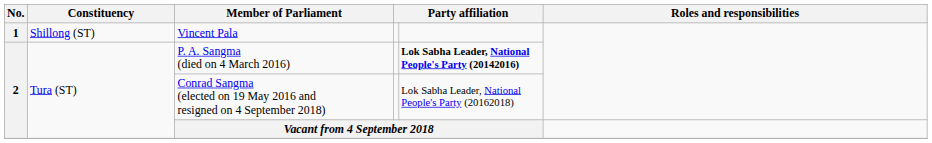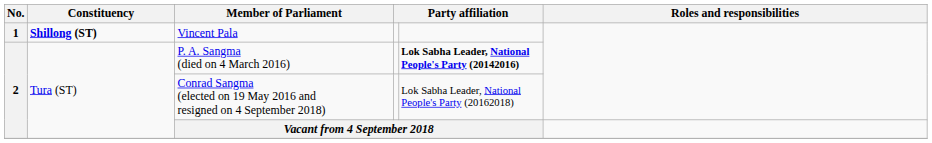 <table class="wikitable">
 <tr style="text-align:center;">
 <th>No.</th>
 <th style="width:12em">Constituency</th>
 <th style="width:18em">Member of Parliament</th>
 <th colspan="2" style="width:18em">Party affiliation</th>
 <th style="width:32em">Roles and responsibilities</th>
 </tr>
 <tr>
 <th>1</th>
-<td><a href='#'>Shillong</a> (ST)</td>
+<td><strong><a href='#'>Shillong</a> (ST)</strong></td>
 <td><a href='#'>Vincent Pala</a></td>
 <td></td>
 <td></td>
 </tr>
 <tr>
 <th rowspan="3">2</th>
 <td rowspan="3"><a href='#'>Tura</a> (ST)</td>
 <td><a href='#'>P. A. Sangma</a><br>(died on 4 March 2016)</td>
 <td></td>
 <td style="font-size:90%"><strong>Lok Sabha Leader, <a href='#'>National People's Party</a> (20142016)</strong></td>
 </tr>
 <tr>
 <td><a href='#'>Conrad Sangma</a><br>(elected on 19 May 2016 and<br>resigned on 4 September 2018)</td>
 <td></td>
 <td style="font-size:90%">Lok Sabha Leader, <a href='#'>National People's Party</a> (20162018)</td>
 </tr>
 <tr>
 <th colspan="3"><em>Vacant from 4 September 2018</em></th>
 <td></td>
 </tr>
 <tr>
 </tr>
 </table>
